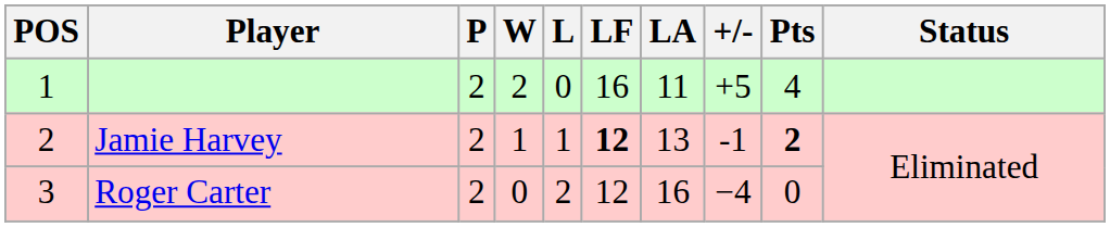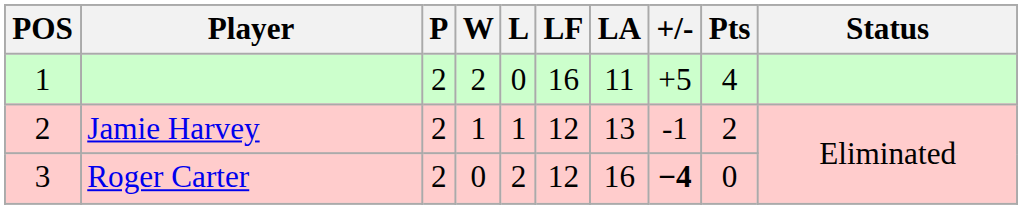 <table class="wikitable" style="text-align:center; margin: 1em auto 1em auto, align:left">
 <tr>
 <th width=20>POS</th>
 <th width=168>Player</th>
 <th width=3>P</th>
 <th width=3>W</th>
 <th width=3>L</th>
 <th width=20>LF</th>
 <th width=20>LA</th>
 <th width=20>+/-</th>
 <th width=20>Pts</th>
 <th width=126>Status</th>
 </tr>
 <tr style="background:#CCFFCC;">
 <td>1</td>
 <td style="text-align:left;"></td>
 <td>2</td>
 <td>2</td>
 <td>0</td>
 <td>16</td>
 <td>11</td>
 <td>+5</td>
 <td>4</td>
 <td rowspan=1></td>
 </tr>
 <tr style="background:#FFCCCC;">
 <td>2</td>
 <td style="text-align:left;"> <a href='#'>Jamie Harvey</a></td>
 <td>2</td>
 <td>1</td>
 <td>1</td>
-<td><strong>12</strong></td>
+<td>12</td>
 <td>13</td>
 <td>-1</td>
-<td><strong>2</strong></td>
+<td>2</td>
 <td rowspan=2>Eliminated</td>
 </tr>
 <tr style="background:#FFCCCC;">
 <td>3</td>
 <td style="text-align:left;"> <a href='#'>Roger Carter</a></td>
 <td>2</td>
 <td>0</td>
 <td>2</td>
 <td>12</td>
 <td>16</td>
-<td>−4</td>
+<td><strong>−4</strong></td>
 <td>0</td>
 </tr>
 </table>
